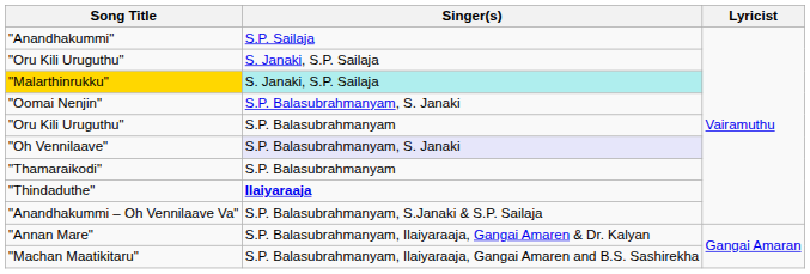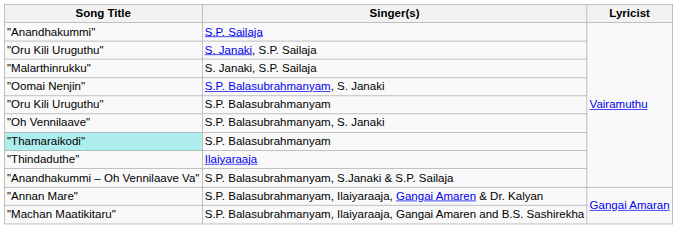 <table class="wikitable">
 <tr>
 <th>Song Title</th>
 <th>Singer(s)</th>
 <th>Lyricist</th>
 </tr>
 <tr>
 <td>"Anandhakummi"</td>
 <td><a href='#'>S.P. Sailaja</a></td>
 <td rowspan="9"><a href='#'>Vairamuthu</a></td>
 </tr>
 <tr>
 <td>"Oru Kili Uruguthu"</td>
 <td><a href='#'>S. Janaki</a>, S.P. Sailaja</td>
 </tr>
 <tr>
-<td style="background: gold;">"Malarthinrukku"</td>
-<td style="background: paleturquoise;">S. Janaki, S.P. Sailaja</td>
+<td>"Malarthinrukku"</td>
+<td>S. Janaki, S.P. Sailaja</td>
 </tr>
 <tr>
 <td>"Oomai Nenjin"</td>
 <td><a href='#'>S.P. Balasubrahmanyam</a>, S. Janaki</td>
 </tr>
 <tr>
 <td>"Oru Kili Uruguthu"</td>
 <td>S.P. Balasubrahmanyam</td>
 </tr>
 <tr>
 <td>"Oh Vennilaave"</td>
-<td style="background: lavender;">S.P. Balasubrahmanyam, S. Janaki</td>
+<td>S.P. Balasubrahmanyam, S. Janaki</td>
 </tr>
 <tr>
-<td>"Thamaraikodi"</td>
+<td style="background: paleturquoise;">"Thamaraikodi"</td>
 <td>S.P. Balasubrahmanyam</td>
 </tr>
 <tr>
 <td>"Thindaduthe"</td>
-<td><strong><a href='#'>Ilaiyaraaja</a></strong></td>
+<td><a href='#'>Ilaiyaraaja</a></td>
 </tr>
 <tr>
 <td>"Anandhakummi – Oh Vennilaave Va"</td>
 <td>S.P. Balasubrahmanyam, S.Janaki & S.P. Sailaja</td>
 </tr>
 <tr>
 <td>"Annan Mare"</td>
 <td>S.P. Balasubrahmanyam, Ilaiyaraaja, <a href='#'>Gangai Amaren</a> & Dr. Kalyan</td>
 <td rowspan="2"><a href='#'>Gangai Amaran</a></td>
 </tr>
 <tr>
 <td>"Machan Maatikitaru"</td>
 <td>S.P. Balasubrahmanyam, Ilaiyaraaja, Gangai Amaren and B.S. Sashirekha</td>
 </tr>
 </table>
